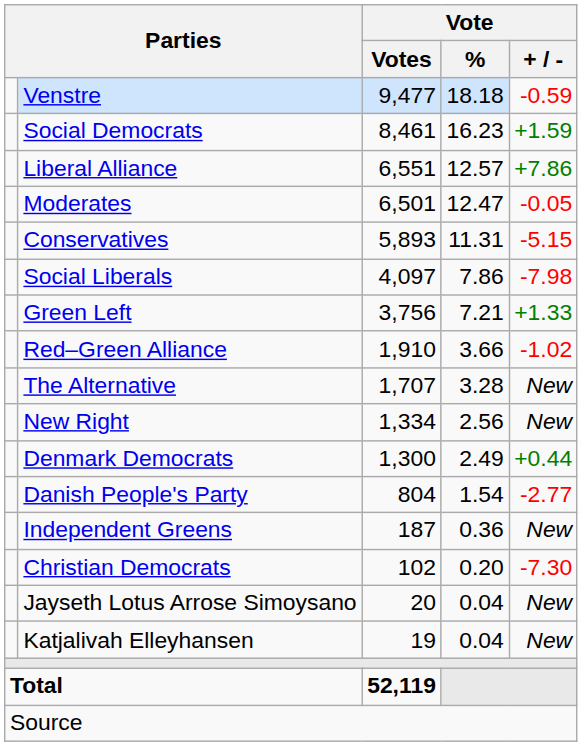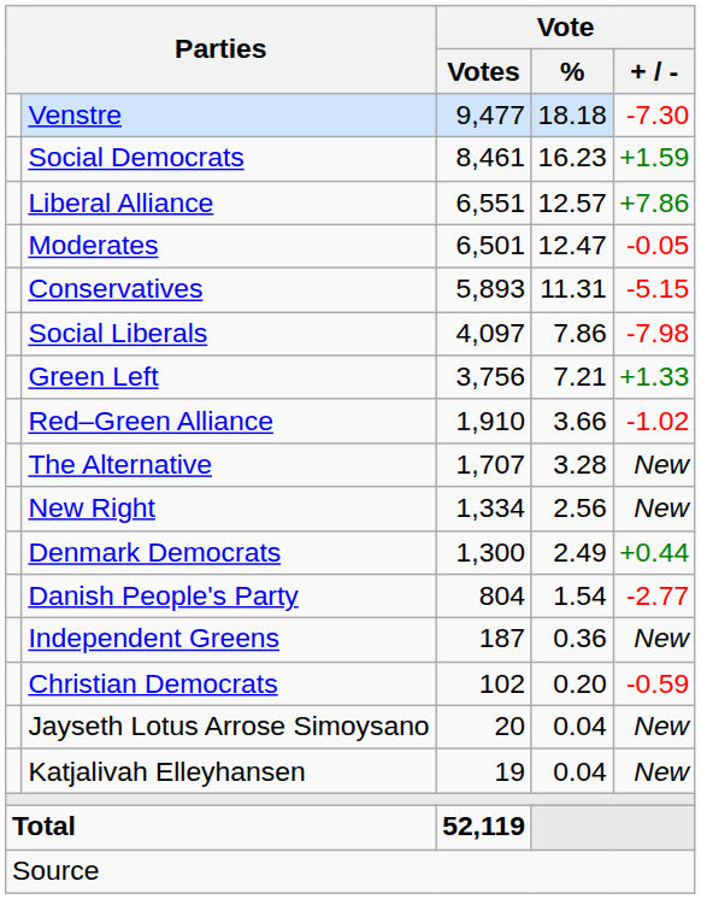 <table class="wikitable" style="text-align:right;">
 <tr>
 <th style="text-align:centre;" rowspan="2" colspan="2" width="225">Parties</th>
 <th colspan="3">Vote</th>
 </tr>
 <tr>
 <th width="15">Votes</th>
 <th width="15">%</th>
 <th width="15">+ / -</th>
 </tr>
 <tr>
 <td width="2" style="color:inherit;background:"></td>
 <td bgcolor=#cfe5fe  align="left"><a href='#'>Venstre</a></td>
 <td bgcolor=#cfe5fe>9,477</td>
 <td bgcolor=#cfe5fe>18.18</td>
-<td style=color:red;>-0.59</td>
+<td style=color:red;>-7.30</td>
 </tr>
 <tr>
 <td width="2" style="color:inherit;background:"></td>
 <td align="left"><a href='#'>Social Democrats</a></td>
 <td>8,461</td>
 <td>16.23</td>
 <td style=color:green;>+1.59</td>
 </tr>
 <tr>
 <td width="2" style="color:inherit;background:"></td>
 <td align="left"><a href='#'>Liberal Alliance</a></td>
 <td>6,551</td>
 <td>12.57</td>
 <td style=color:green;>+7.86</td>
 </tr>
 <tr>
 <td width="2" style="color:inherit;background:"></td>
 <td align="left"><a href='#'>Moderates</a></td>
 <td>6,501</td>
 <td>12.47</td>
 <td style=color:red;>-0.05</td>
 </tr>
 <tr>
 <td width="2" style="color:inherit;background:"></td>
 <td align="left"><a href='#'>Conservatives</a></td>
 <td>5,893</td>
 <td>11.31</td>
 <td style=color:red;>-5.15</td>
 </tr>
 <tr>
 <td width="2" style="color:inherit;background:"></td>
 <td align="left"><a href='#'>Social Liberals</a></td>
 <td>4,097</td>
 <td>7.86</td>
 <td style=color:red;>-7.98</td>
 </tr>
 <tr>
 <td width="2" style="color:inherit;background:"></td>
 <td align="left"><a href='#'>Green Left</a></td>
 <td>3,756</td>
 <td>7.21</td>
 <td style=color:green;>+1.33</td>
 </tr>
 <tr>
 <td width="2" style="color:inherit;background:"></td>
 <td align="left"><a href='#'>Red–Green Alliance</a></td>
 <td>1,910</td>
 <td>3.66</td>
 <td style=color:red;>-1.02</td>
 </tr>
 <tr>
 <td width="2" style="color:inherit;background:"></td>
 <td align="left"><a href='#'>The Alternative</a></td>
 <td>1,707</td>
 <td>3.28</td>
 <td><em>New</em></td>
 </tr>
 <tr>
 <td width="2" style="color:inherit;background:"></td>
 <td align="left"><a href='#'>New Right</a></td>
 <td>1,334</td>
 <td>2.56</td>
 <td><em>New</em></td>
 </tr>
 <tr>
 <td width="2" style="color:inherit;background:"></td>
 <td align="left"><a href='#'>Denmark Democrats</a></td>
 <td>1,300</td>
 <td>2.49</td>
 <td style=color:green;>+0.44</td>
 </tr>
 <tr>
 <td width="2" style="color:inherit;background:"></td>
 <td align="left"><a href='#'>Danish People's Party</a></td>
 <td>804</td>
 <td>1.54</td>
 <td style=color:red;>-2.77</td>
 </tr>
 <tr>
 <td width="2" style="color:inherit;background:"></td>
 <td align="left"><a href='#'>Independent Greens</a></td>
 <td>187</td>
 <td>0.36</td>
 <td><em>New</em></td>
 </tr>
 <tr>
 <td width="2" style="color:inherit;background:"></td>
 <td align="left"><a href='#'>Christian Democrats</a></td>
 <td>102</td>
 <td>0.20</td>
-<td style=color:red;>-7.30</td>
+<td style=color:red;>-0.59</td>
 </tr>
 <tr>
 <td width="2" style="color:inherit;background:"></td>
 <td align="left">Jayseth Lotus Arrose Simoysano</td>
 <td>20</td>
 <td>0.04</td>
 <td><em>New</em></td>
 </tr>
 <tr>
 <td width="2" style="color:inherit;background:"></td>
 <td align="left">Katjalivah Elleyhansen</td>
 <td>19</td>
 <td>0.04</td>
 <td><em>New</em></td>
 </tr>
 <tr>
 <td colspan="7" bgcolor="#E9E9E9"></td>
 </tr>
 <tr>
 <td align="left" colspan="2"><strong>Total</strong></td>
 <td><strong>52,119</strong></td>
 <td bgcolor="#E9E9E9" colspan="2"></td>
 </tr>
 <tr>
 <td align="left" colspan="6">Source</td>
 </tr>
 </table>
